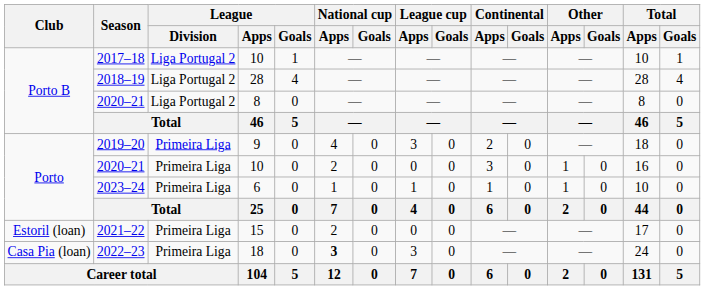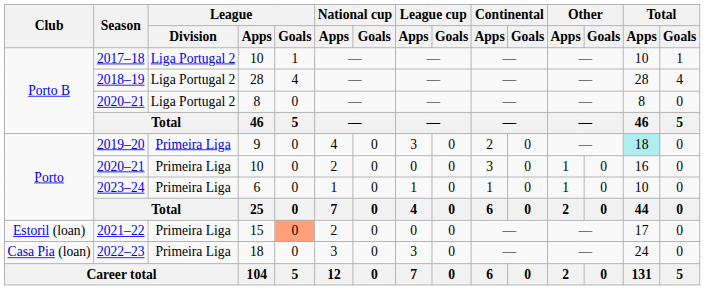 <table class="wikitable" style="text-align:center">
 <tr>
 <th rowspan="2">Club</th>
 <th rowspan="2">Season</th>
 <th colspan="3">League</th>
 <th colspan="2">National cup</th>
 <th colspan="2">League cup</th>
 <th colspan="2">Continental</th>
 <th colspan="2">Other</th>
 <th colspan="2">Total</th>
 </tr>
 <tr>
 <th>Division</th>
 <th>Apps</th>
 <th>Goals</th>
 <th>Apps</th>
 <th>Goals</th>
 <th>Apps</th>
 <th>Goals</th>
 <th>Apps</th>
 <th>Goals</th>
 <th>Apps</th>
 <th>Goals</th>
 <th>Apps</th>
 <th>Goals</th>
 </tr>
 <tr>
 <td rowspan="4"><a href='#'>Porto B</a></td>
 <td><a href='#'>2017–18</a></td>
 <td><a href='#'>Liga Portugal 2</a></td>
 <td>10</td>
 <td>1</td>
 <td colspan="2">—</td>
 <td colspan="2">—</td>
 <td colspan="2">—</td>
 <td colspan="2">—</td>
 <td>10</td>
 <td>1</td>
 </tr>
 <tr>
 <td><a href='#'>2018–19</a></td>
 <td>Liga Portugal 2</td>
 <td>28</td>
 <td>4</td>
 <td colspan="2">—</td>
 <td colspan="2">—</td>
 <td colspan="2">—</td>
 <td colspan="2">—</td>
 <td>28</td>
 <td>4</td>
 </tr>
 <tr>
 <td><a href='#'>2020–21</a></td>
 <td>Liga Portugal 2</td>
 <td>8</td>
 <td>0</td>
 <td colspan="2">—</td>
 <td colspan="2">—</td>
 <td colspan="2">—</td>
 <td colspan="2">—</td>
 <td>8</td>
 <td>0</td>
 </tr>
 <tr>
 <th colspan="2">Total</th>
 <th>46</th>
 <th>5</th>
 <th colspan="2">—</th>
 <th colspan="2">—</th>
 <th colspan="2">—</th>
 <th colspan="2">—</th>
 <th>46</th>
 <th>5</th>
 </tr>
 <tr>
 <td rowspan="4"><a href='#'>Porto</a></td>
 <td><a href='#'>2019–20</a></td>
 <td><a href='#'>Primeira Liga</a></td>
 <td>9</td>
 <td>0</td>
 <td>4</td>
 <td>0</td>
 <td>3</td>
 <td>0</td>
 <td>2</td>
 <td>0</td>
 <td colspan="2">—</td>
-<td>18</td>
+<td style="background: paleturquoise;">18</td>
 <td>0</td>
 </tr>
 <tr>
 <td><a href='#'>2020–21</a></td>
 <td>Primeira Liga</td>
 <td>10</td>
 <td>0</td>
 <td>2</td>
 <td>0</td>
 <td>0</td>
 <td>0</td>
 <td>3</td>
 <td>0</td>
 <td>1</td>
 <td>0</td>
 <td>16</td>
 <td>0</td>
 </tr>
 <tr>
 <td><a href='#'>2023–24</a></td>
 <td>Primeira Liga</td>
 <td>6</td>
 <td>0</td>
 <td>1</td>
 <td>0</td>
 <td>1</td>
 <td>0</td>
 <td>1</td>
 <td>0</td>
 <td>1</td>
 <td>0</td>
 <td>10</td>
 <td>0</td>
 </tr>
 <tr>
 <th colspan="2">Total</th>
 <th>25</th>
 <th>0</th>
 <th>7</th>
 <th>0</th>
 <th>4</th>
 <th>0</th>
 <th>6</th>
 <th>0</th>
 <th>2</th>
 <th>0</th>
 <th>44</th>
 <th>0</th>
 </tr>
 <tr>
 <td><a href='#'>Estoril</a> (loan)</td>
 <td><a href='#'>2021–22</a></td>
 <td>Primeira Liga</td>
 <td>15</td>
-<td>0</td>
+<td style="background: lightsalmon;">0</td>
 <td>2</td>
 <td>0</td>
 <td>0</td>
 <td>0</td>
 <td colspan="2">—</td>
 <td colspan="2">—</td>
 <td>17</td>
 <td>0</td>
 </tr>
 <tr>
 <td><a href='#'>Casa Pia</a> (loan)</td>
 <td><a href='#'>2022–23</a></td>
 <td>Primeira Liga</td>
 <td>18</td>
 <td>0</td>
-<td><strong>3</strong></td>
+<td>3</td>
 <td>0</td>
 <td>3</td>
 <td>0</td>
 <td colspan="2">—</td>
 <td colspan="2">—</td>
 <td>24</td>
 <td>0</td>
 </tr>
 <tr>
 <th colspan="3">Career total</th>
 <th>104</th>
 <th>5</th>
 <th>12</th>
 <th>0</th>
 <th>7</th>
 <th>0</th>
 <th>6</th>
 <th>0</th>
 <th>2</th>
 <th>0</th>
 <th>131</th>
 <th>5</th>
 </tr>
 </table>
